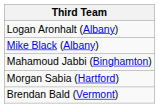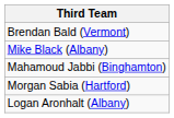 <table class="wikitable">
 <tr>
 <th>Third Team</th>
 </tr>
 <tr>
-<td>Logan Aronhalt (<a href='#'>Albany</a>)</td>
+<td>Brendan Bald (<a href='#'>Vermont</a>)</td>
 </tr>
 <tr>
 <td><a href='#'>Mike Black</a> (<a href='#'>Albany</a>)</td>
 </tr>
 <tr>
 <td>Mahamoud Jabbi (<a href='#'>Binghamton</a>)</td>
 </tr>
 <tr>
 <td>Morgan Sabia (<a href='#'>Hartford</a>)</td>
 </tr>
 <tr>
-<td>Brendan Bald (<a href='#'>Vermont</a>)</td>
+<td>Logan Aronhalt (<a href='#'>Albany</a>)</td>
 </tr>
 </table>
